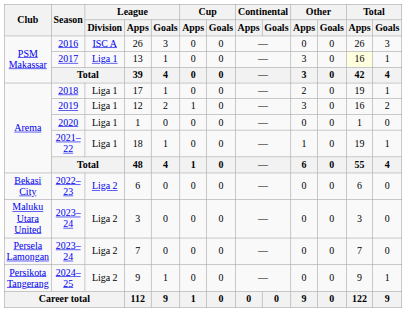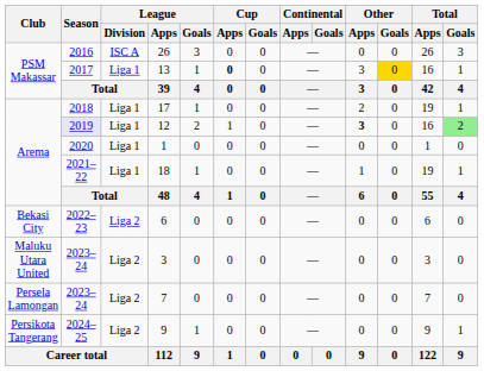 <table class="wikitable" style="text-align: center">
 <tr>
 <th rowspan="2">Club</th>
 <th rowspan="2">Season</th>
 <th colspan="3">League</th>
 <th colspan="2">Cup</th>
 <th colspan="2">Continental</th>
 <th colspan="2">Other</th>
 <th colspan="2">Total</th>
 </tr>
 <tr>
 <th>Division</th>
 <th>Apps</th>
 <th>Goals</th>
 <th>Apps</th>
 <th>Goals</th>
 <th>Apps</th>
 <th>Goals</th>
 <th>Apps</th>
 <th>Goals</th>
 <th>Apps</th>
 <th>Goals</th>
 </tr>
 <tr>
 <td rowspan="3"><a href='#'>PSM Makassar</a></td>
 <td><a href='#'>2016</a></td>
 <td><a href='#'>ISC A</a></td>
 <td>26</td>
 <td>3</td>
 <td>0</td>
 <td>0</td>
 <td colspan="2">—</td>
 <td>0</td>
 <td>0</td>
 <td>26</td>
 <td>3</td>
 </tr>
 <tr>
 <td><a href='#'>2017</a></td>
 <td rowspan="1"><a href='#'>Liga 1</a></td>
 <td>13</td>
 <td>1</td>
-<td>0</td>
+<td><strong>0</strong></td>
 <td>0</td>
 <td colspan="2">—</td>
 <td>3</td>
-<td>0</td>
-<td style="background: lightyellow;">16</td>
+<td style="background: gold;">0</td>
+<td>16</td>
 <td>1</td>
 </tr>
 <tr>
 <th colspan="2">Total</th>
 <th>39</th>
 <th>4</th>
 <th>0</th>
 <th>0</th>
 <th colspan="2">—</th>
 <th>3</th>
 <th>0</th>
 <th>42</th>
 <th>4</th>
 </tr>
 <tr>
 <td rowspan="5"><a href='#'>Arema</a></td>
 <td><a href='#'>2018</a></td>
 <td rowspan="1" valign="center">Liga 1</td>
 <td>17</td>
 <td>1</td>
 <td>0</td>
 <td>0</td>
 <td colspan="2">—</td>
 <td>2</td>
 <td>0</td>
 <td>19</td>
 <td>1</td>
 </tr>
 <tr>
-<td><a href='#'>2019</a></td>
+<td style="background: lavender;"><a href='#'>2019</a></td>
 <td rowspan="1" valign="center">Liga 1</td>
 <td>12</td>
 <td>2</td>
 <td>1</td>
 <td>0</td>
 <td colspan="2">—</td>
-<td>3</td>
+<td><strong>3</strong></td>
 <td>0</td>
 <td>16</td>
-<td>2</td>
+<td style="background: lightgreen;">2</td>
 </tr>
 <tr>
 <td><a href='#'>2020</a></td>
 <td rowspan="1" valign="center">Liga 1</td>
 <td>1</td>
 <td>0</td>
 <td>0</td>
 <td>0</td>
 <td colspan="2">—</td>
 <td>0</td>
 <td>0</td>
 <td>1</td>
 <td>0</td>
 </tr>
 <tr>
 <td><a href='#'>2021–22</a></td>
 <td rowspan="1" valign="center">Liga 1</td>
 <td>18</td>
 <td>1</td>
 <td>0</td>
 <td>0</td>
 <td colspan="2">—</td>
 <td>1</td>
 <td>0</td>
 <td>19</td>
 <td>1</td>
 </tr>
 <tr>
 <th colspan="2">Total</th>
 <th>48</th>
 <th>4</th>
 <th>1</th>
 <th>0</th>
 <th colspan="2">—</th>
 <th>6</th>
 <th>0</th>
 <th>55</th>
 <th>4</th>
 </tr>
 <tr>
 <td rowspan="1"><a href='#'>Bekasi City</a></td>
 <td><a href='#'>2022–23</a></td>
 <td rowspan="1"><a href='#'>Liga 2</a></td>
 <td>6</td>
 <td>0</td>
 <td>0</td>
 <td>0</td>
 <td colspan="2">—</td>
 <td>0</td>
 <td>0</td>
 <td>6</td>
 <td>0</td>
 </tr>
 <tr>
 <td rowspan="1"><a href='#'>Maluku Utara United</a></td>
 <td><a href='#'>2023–24</a></td>
 <td rowspan="1">Liga 2</td>
 <td>3</td>
 <td>0</td>
 <td>0</td>
 <td>0</td>
 <td colspan="2">—</td>
 <td>0</td>
 <td>0</td>
 <td>3</td>
 <td>0</td>
 </tr>
 <tr>
 <td rowspan="1"><a href='#'>Persela Lamongan</a></td>
 <td><a href='#'>2023–24</a></td>
 <td rowspan="1">Liga 2</td>
 <td>7</td>
 <td>0</td>
 <td>0</td>
 <td>0</td>
 <td colspan="2">—</td>
 <td>0</td>
 <td>0</td>
 <td>7</td>
 <td>0</td>
 </tr>
 <tr>
 <td rowspan="1"><a href='#'>Persikota Tangerang</a></td>
 <td><a href='#'>2024–25</a></td>
 <td rowspan="1">Liga 2</td>
 <td>9</td>
 <td>1</td>
 <td>0</td>
 <td>0</td>
 <td colspan="2">—</td>
 <td>0</td>
 <td>0</td>
 <td>9</td>
 <td>1</td>
 </tr>
 <tr>
 <th colspan=3>Career total</th>
 <th>112</th>
 <th>9</th>
 <th>1</th>
 <th>0</th>
 <th>0</th>
 <th>0</th>
 <th>9</th>
 <th>0</th>
 <th>122</th>
 <th>9</th>
 </tr>
 </table>
